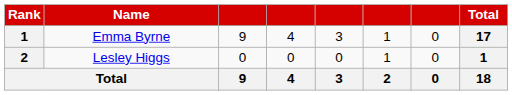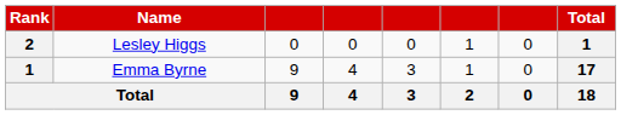 <table class="wikitable" style="text-align:center; font-size:100%; ">
 <tr>
 <th style="background:#d50000; color:white; text-align:center; width:40px">Rank</th>
 <th style="background:#d50000; color:white; text-align:center; width:200px">Name</th>
 <th style="background:#d50000; color:white; text-align:center; width:50px;"></th>
 <th style="background:#d50000; color:white; text-align:center; width:50px;"></th>
 <th style="background:#d50000; color:white; text-align:center; width:50px;"></th>
 <th style="background:#d50000; color:white; text-align:center; width:50px;"></th>
 <th style="background:#d50000; color:white; text-align:center; width:50px;"></th>
 <th style="background:#d50000; color:white; text-align:center; width:50px;">Total</th>
 </tr>
 <tr>
+<th>2</th>
+<td> <a href='#'>Lesley Higgs</a></td>
+<td>0</td>
+<td>0</td>
+<td>0</td>
+<td>1</td>
+<td>0</td>
+<th>1</th>
+</tr>
+<tr>
 <th>1</th>
 <td> <a href='#'>Emma Byrne</a></td>
 <td>9</td>
 <td>4</td>
 <td>3</td>
 <td>1</td>
 <td>0</td>
 <th>17</th>
-</tr>
-<tr>
-<th>2</th>
-<td> <a href='#'>Lesley Higgs</a></td>
-<td>0</td>
-<td>0</td>
-<td>0</td>
-<td>1</td>
-<td>0</td>
-<th>1</th>
 </tr>
 <tr>
 <th colspan="2">Total</th>
 <th>9</th>
 <th>4</th>
 <th>3</th>
 <th>2</th>
 <th>0</th>
 <th>18</th>
 </tr>
 </table>
